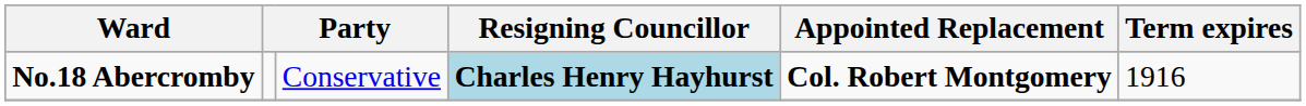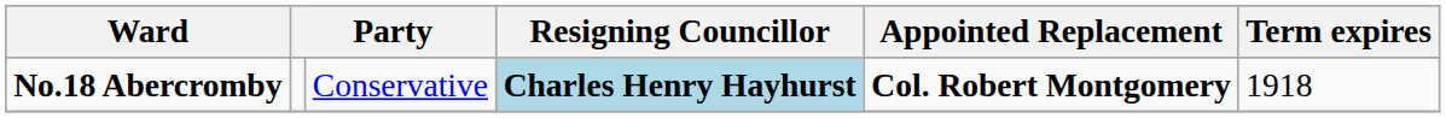 <table class="wikitable">
 <tr>
 <th>Ward</th>
 <th colspan="2">Party</th>
 <th>Resigning Councillor</th>
 <th>Appointed Replacement</th>
 <th>Term expires</th>
 </tr>
 <tr>
 <td><strong>No.18 Abercromby</strong></td>
 <td style="background-color:"></td>
 <td><a href='#'>Conservative</a></td>
 <td style="background: lightblue;"><strong>Charles Henry Hayhurst</strong></td>
 <td><strong>Col. Robert Montgomery</strong></td>
-<td>1916</td>
+<td>1918</td>
 </tr>
 <tr>
 </tr>
 </table>
